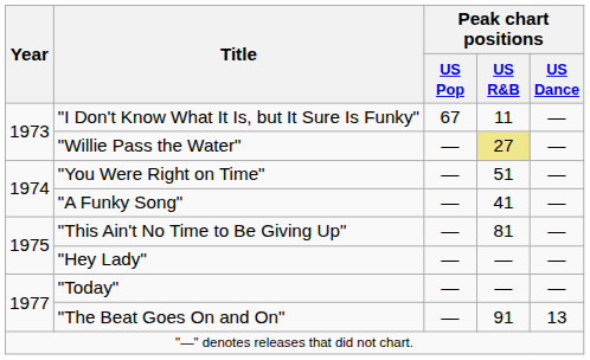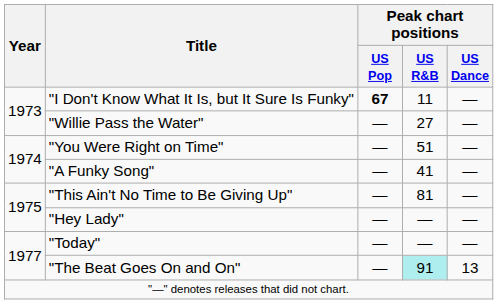 <table class="wikitable">
 <tr>
 <th scope="col" rowspan="2">Year</th>
 <th scope="col" rowspan="2">Title</th>
 <th scope="col" colspan="3">Peak chart positions</th>
 </tr>
 <tr>
 <th style="width:40px;"><small><a href='#'>US Pop</a></small><br></th>
 <th style="width:40px;"><small><a href='#'>US R&B</a></small><br></th>
 <th style="width:40px;"><small><a href='#'>US Dance</a></small><br></th>
 </tr>
 <tr>
 <td rowspan="2">1973</td>
 <td>"I Don't Know What It Is, but It Sure Is Funky"</td>
-<td align=center>67</td>
+<td align=center><strong>67</strong></td>
 <td align=center>11</td>
 <td align=center>―</td>
 </tr>
 <tr>
 <td>"Willie Pass the Water"</td>
 <td align=center>―</td>
-<td align=center style="background: khaki;">27</td>
+<td align=center>27</td>
 <td align=center>―</td>
 </tr>
 <tr>
 <td rowspan="2">1974</td>
 <td>"You Were Right on Time"</td>
 <td align=center>―</td>
 <td align=center>51</td>
 <td align=center>―</td>
 </tr>
 <tr>
 <td>"A Funky Song"</td>
 <td align=center>―</td>
 <td align=center>41</td>
 <td align=center>―</td>
 </tr>
 <tr>
 <td rowspan="2">1975</td>
 <td>"This Ain't No Time to Be Giving Up"</td>
 <td align=center>―</td>
 <td align=center>81</td>
 <td align=center>―</td>
 </tr>
 <tr>
 <td>"Hey Lady"</td>
 <td align=center>―</td>
 <td align=center>―</td>
 <td align=center>―</td>
 </tr>
 <tr>
 <td rowspan="2">1977</td>
 <td>"Today"</td>
 <td align=center>―</td>
 <td align=center>―</td>
 <td align=center>―</td>
 </tr>
 <tr>
 <td>"The Beat Goes On and On"</td>
 <td align=center>―</td>
-<td align=center>91</td>
+<td align=center style="background: paleturquoise;">91</td>
 <td align=center>13</td>
 </tr>
 <tr>
 <td colspan="7" style="text-align:center; font-size:9pt;">"—" denotes releases that did not chart.</td>
 </tr>
 </table>
